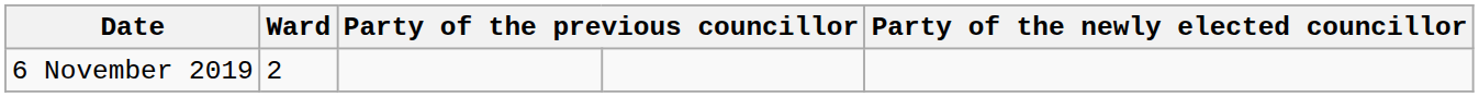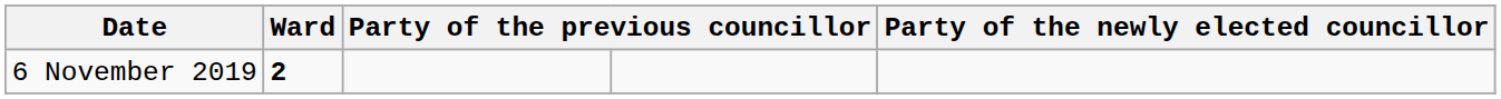 <table class="wikitable">
 <tr>
 <th>Date</th>
 <th>Ward</th>
 <th colspan=2>Party of the previous councillor</th>
 <th colspan=2>Party of the newly elected councillor</th>
 </tr>
 <tr>
 <td>6 November 2019</td>
-<td>2</td>
+<td><strong>2</strong></td>
 <td></td>
 <td></td>
 </tr>
 </table>
